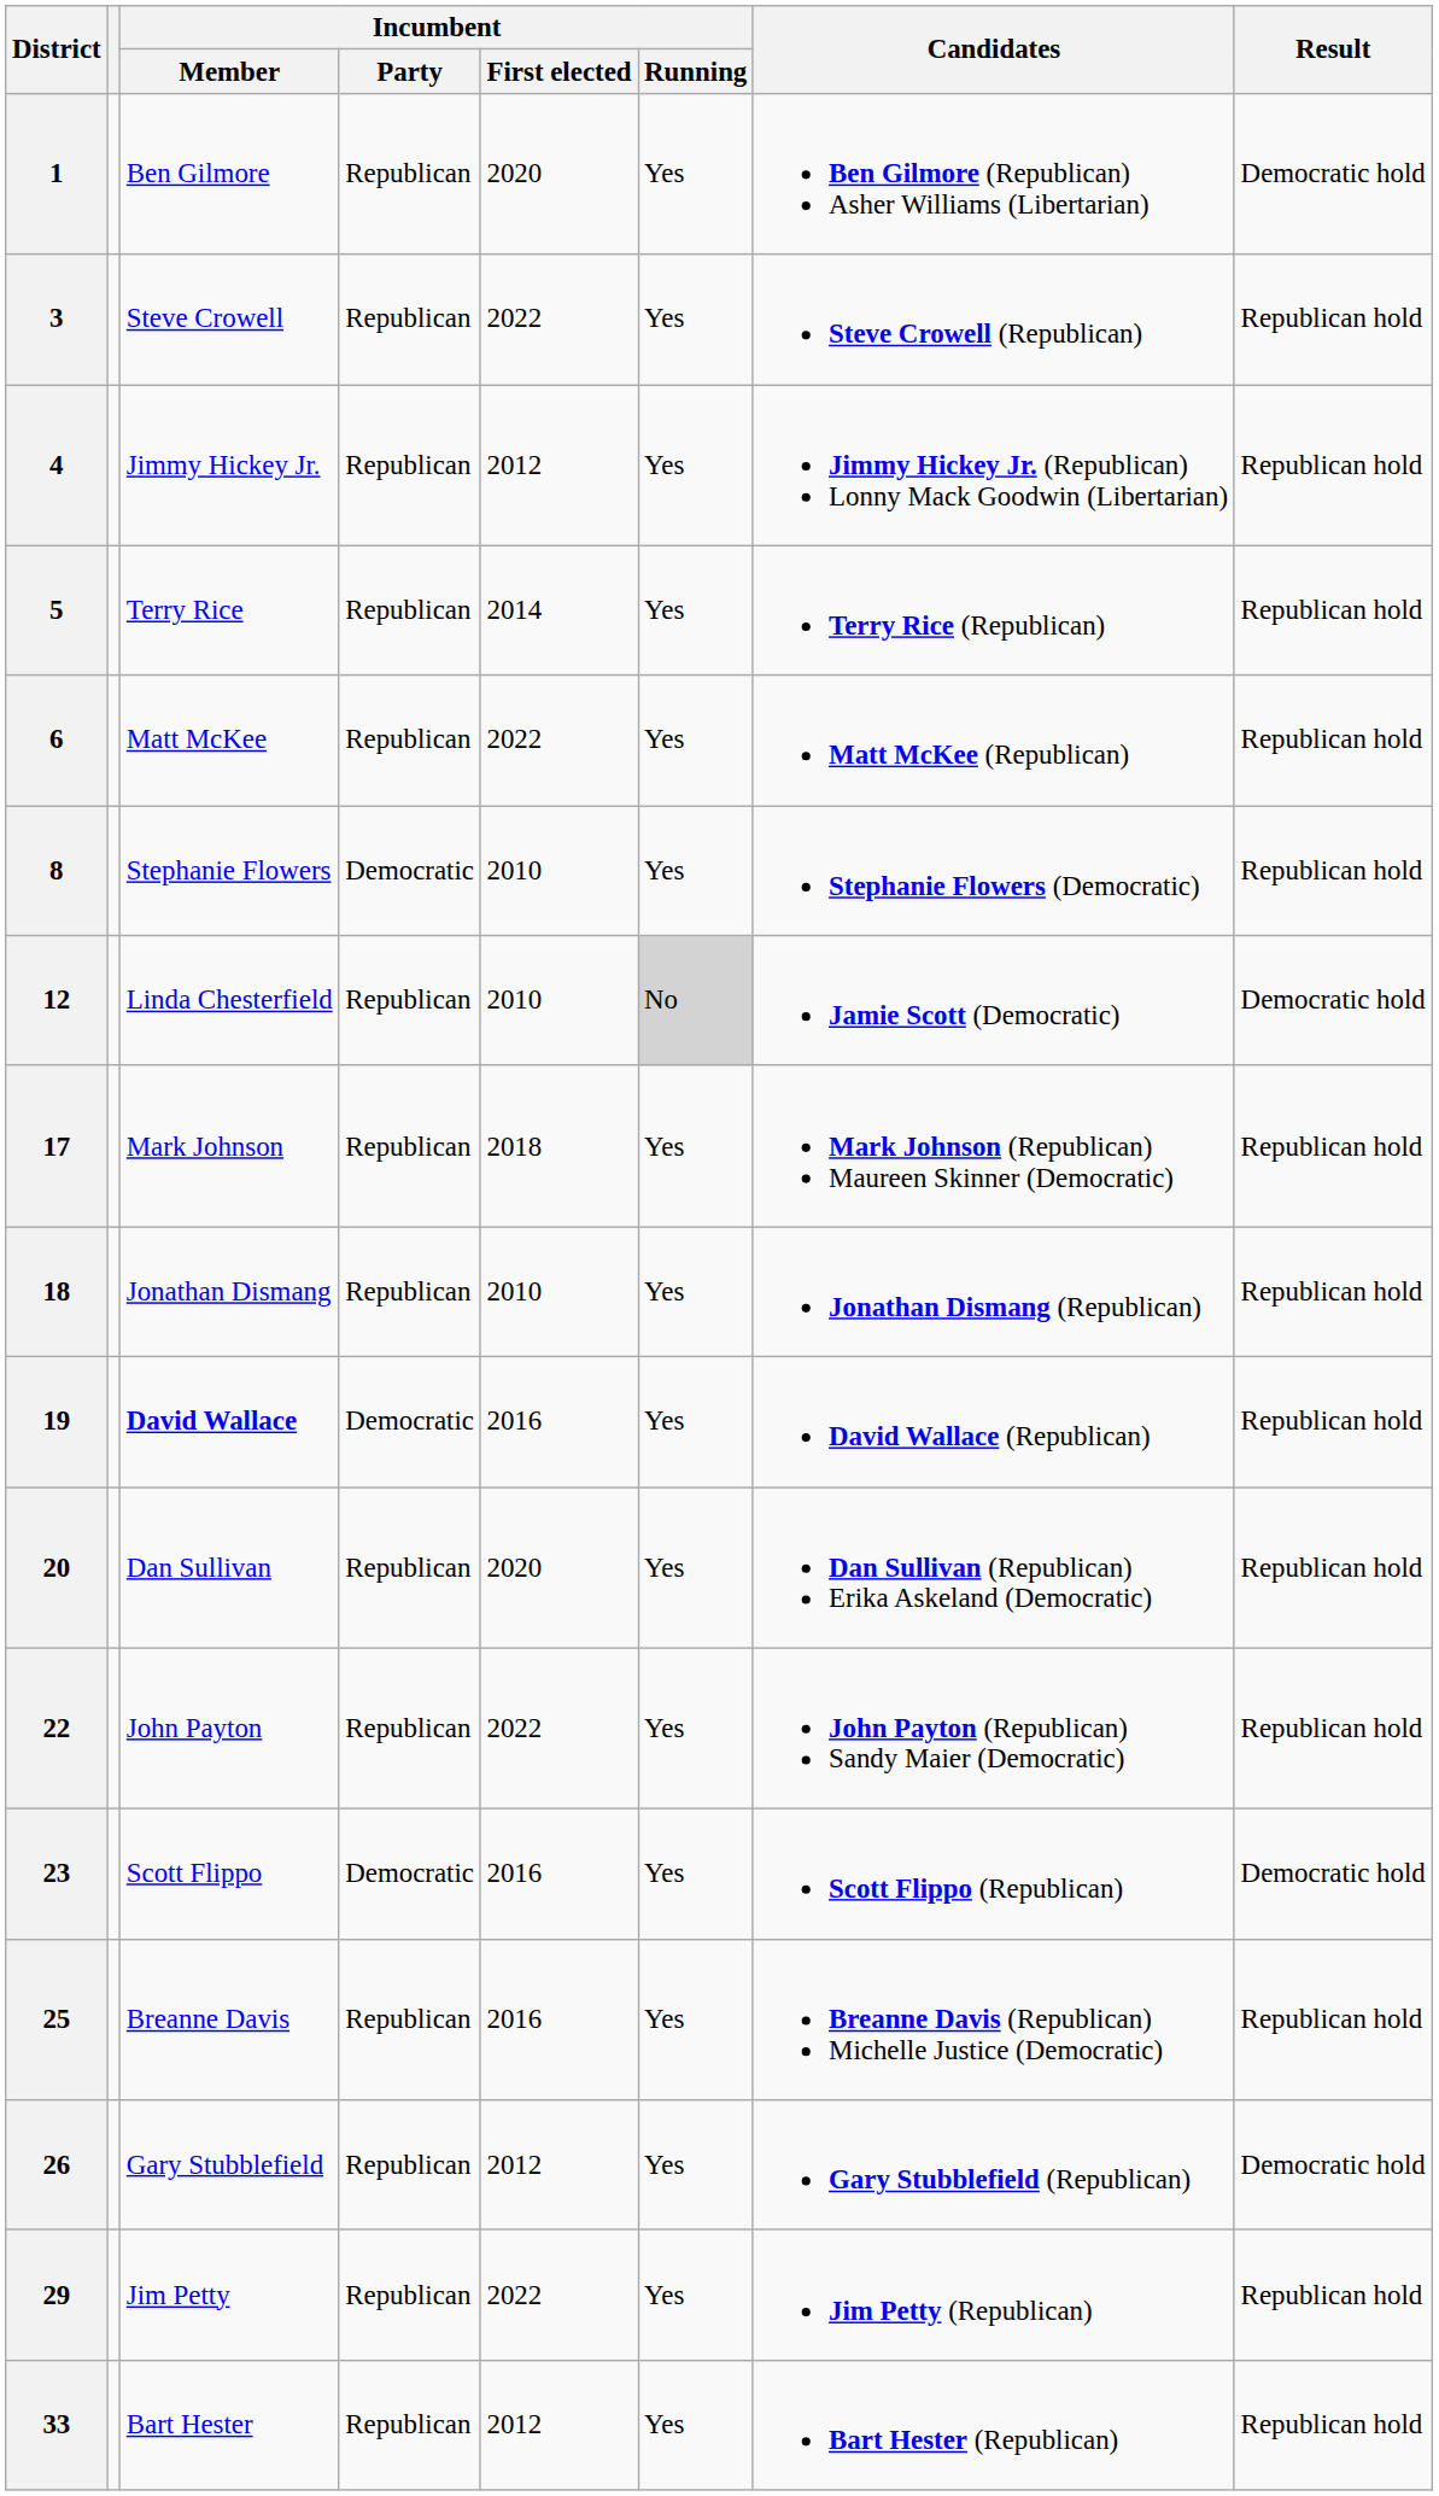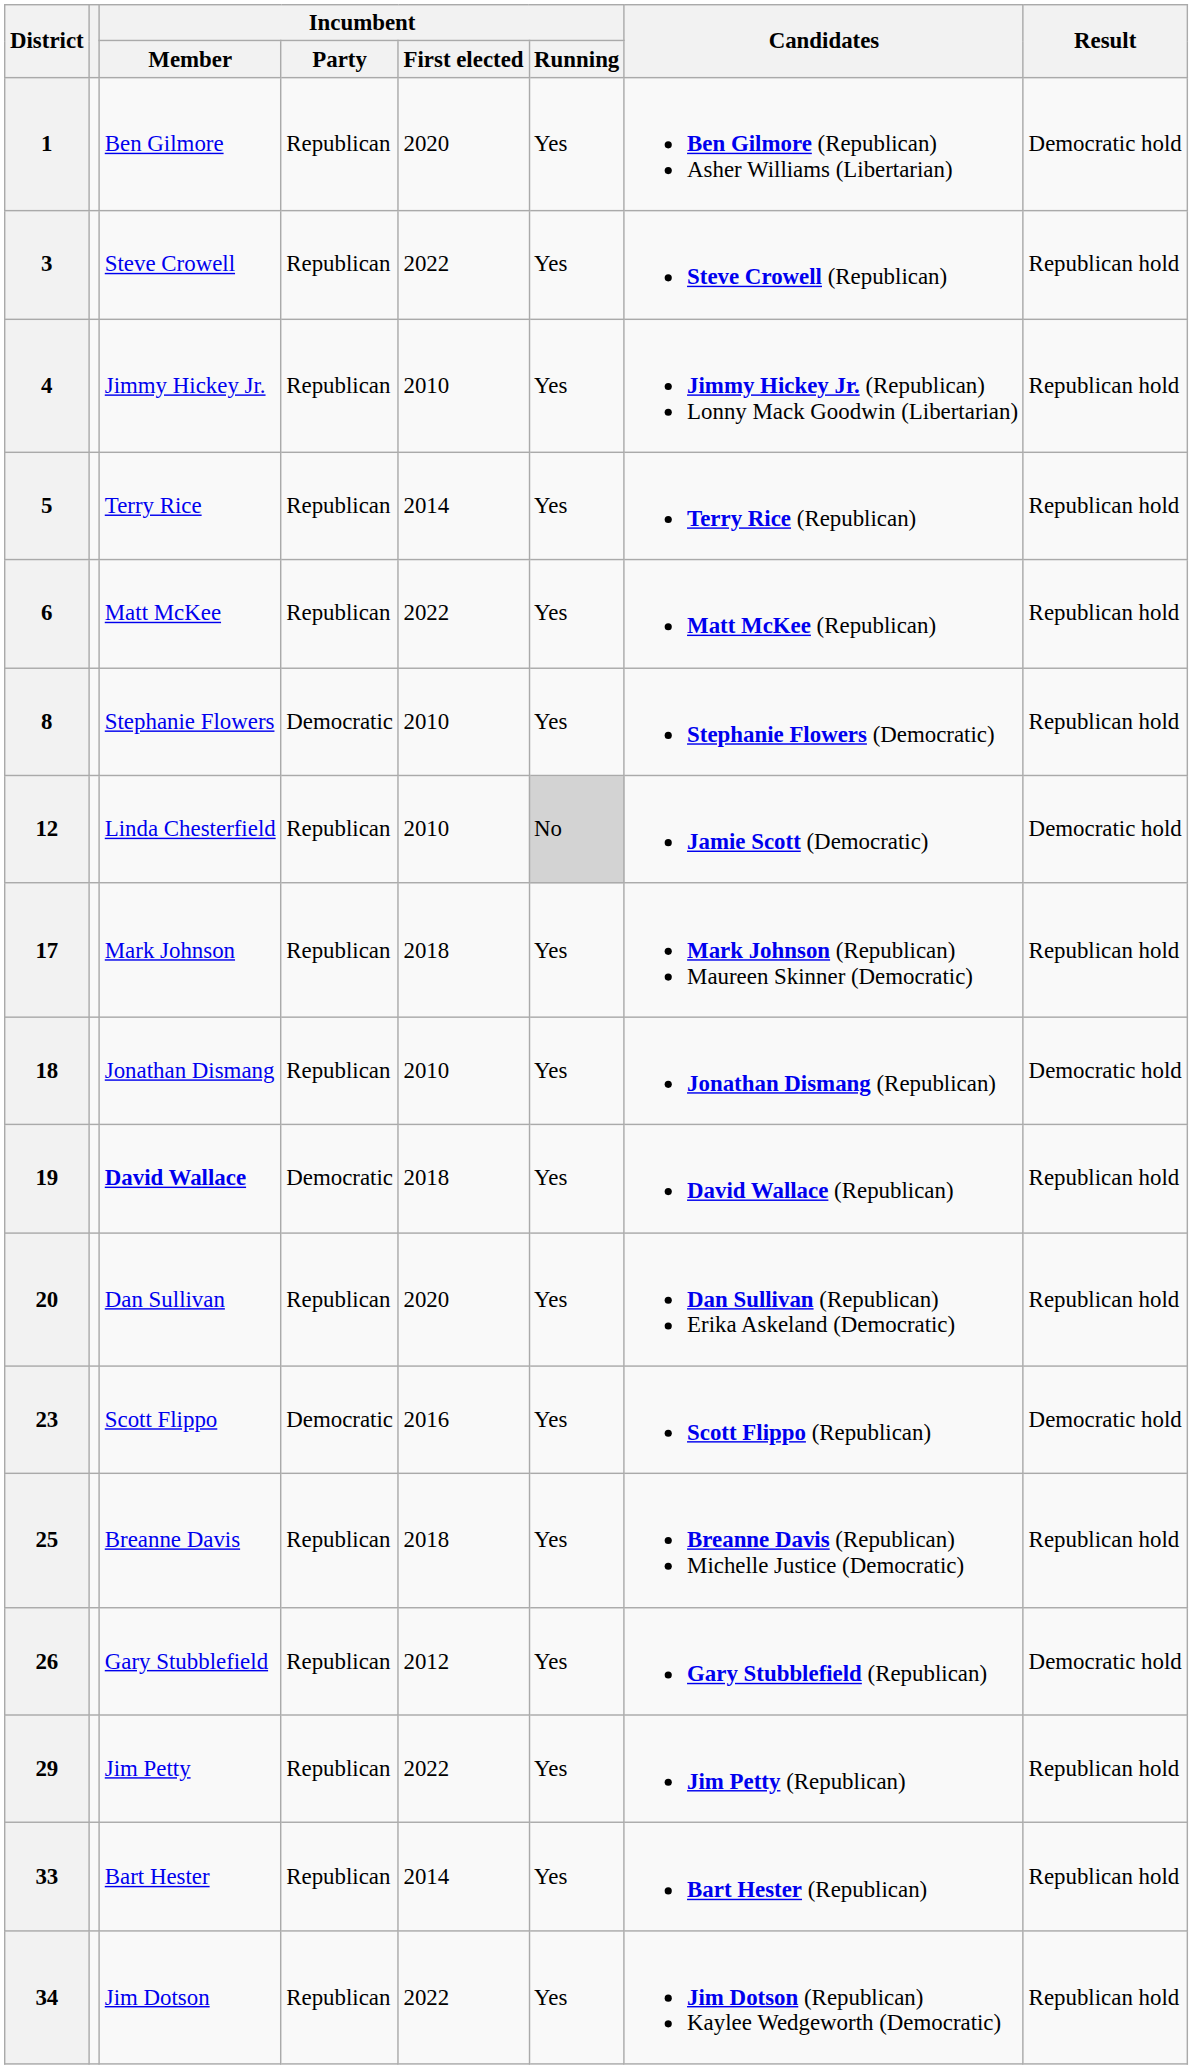 <table class="wikitable sortable">
 <tr>
 <th rowspan=2>District</th>
 <th rowspan=2></th>
 <th ! colspan=4>Incumbent</th>
 <th rowspan=2 class="unsortable">Candidates</th>
 <th ! rowspan=2>Result</th>
 </tr>
 <tr>
 <th>Member</th>
 <th>Party</th>
 <th>First elected</th>
 <th>Running</th>
 </tr>
 <tr>
 <th>1</th>
 <td></td>
 <td><a href='#'>Ben Gilmore</a></td>
 <td>Republican</td>
 <td>2020</td>
 <td>Yes</td>
 <td nowrap><br><ul><li><strong><a href='#'>Ben Gilmore</a></strong> (Republican)</li><li>Asher Williams (Libertarian)</li></ul></td>
 <td>Democratic hold</td>
 </tr>
 <tr>
 <th>3</th>
 <td></td>
 <td><a href='#'>Steve Crowell</a></td>
 <td>Republican</td>
 <td>2022</td>
 <td>Yes</td>
 <td nowrap><br><ul><li><strong><a href='#'>Steve Crowell</a></strong> (Republican)</li></ul> </td>
 <td>Republican hold</td>
 </tr>
 <tr>
 <th>4</th>
 <td></td>
 <td><a href='#'>Jimmy Hickey Jr.</a></td>
 <td>Republican</td>
-<td>2012</td>
+<td>2010</td>
 <td>Yes</td>
 <td nowrap><br><ul><li><strong><a href='#'>Jimmy Hickey Jr.</a></strong> (Republican)</li><li>Lonny Mack Goodwin (Libertarian)</li></ul></td>
 <td>Republican hold</td>
 </tr>
 <tr>
 <th>5</th>
 <td></td>
 <td><a href='#'>Terry Rice</a></td>
 <td>Republican</td>
 <td>2014</td>
 <td>Yes</td>
 <td nowrap><br><ul><li><strong><a href='#'>Terry Rice</a></strong> (Republican)</li></ul></td>
 <td>Republican hold</td>
 </tr>
 <tr>
 <th>6</th>
 <td></td>
 <td><a href='#'>Matt McKee</a></td>
 <td>Republican</td>
 <td>2022</td>
 <td>Yes</td>
 <td nowrap><br><ul><li><strong><a href='#'>Matt McKee</a></strong> (Republican)</li></ul></td>
 <td>Republican hold</td>
 </tr>
 <tr>
 <th>8</th>
 <td></td>
 <td><a href='#'>Stephanie Flowers</a></td>
 <td>Democratic</td>
 <td>2010</td>
 <td>Yes</td>
 <td nowrap><br><ul><li><strong><a href='#'>Stephanie Flowers</a></strong> (Democratic)</li></ul></td>
 <td>Republican hold</td>
 </tr>
 <tr>
 <th>12</th>
 <td></td>
 <td><a href='#'>Linda Chesterfield</a></td>
 <td>Republican</td>
 <td>2010</td>
 <td style="background-color:lightgray">No</td>
 <td nowrap><br><ul><li><strong><a href='#'>Jamie Scott</a></strong> (Democratic)</li></ul></td>
 <td>Democratic hold</td>
 </tr>
 <tr>
 <th>17</th>
 <td></td>
 <td><a href='#'>Mark Johnson</a></td>
 <td>Republican</td>
 <td>2018</td>
 <td>Yes</td>
 <td nowrap><br><ul><li><strong><a href='#'>Mark Johnson</a></strong> (Republican)</li><li>Maureen Skinner (Democratic)</li></ul></td>
 <td>Republican hold</td>
 </tr>
 <tr>
 <th>18</th>
 <td></td>
 <td><a href='#'>Jonathan Dismang</a></td>
 <td>Republican</td>
 <td>2010</td>
 <td>Yes</td>
 <td nowrap><br><ul><li><strong><a href='#'>Jonathan Dismang</a></strong> (Republican)</li></ul></td>
-<td>Republican hold</td>
+<td>Democratic hold</td>
 </tr>
 <tr>
 <th>19</th>
 <td></td>
 <td><strong><a href='#'>David Wallace</a></strong></td>
 <td>Democratic</td>
-<td>2016</td>
+<td>2018</td>
 <td>Yes</td>
 <td nowrap><br><ul><li><strong><a href='#'>David Wallace</a></strong> (Republican)</li></ul> </td>
 <td>Republican hold</td>
 </tr>
 <tr>
 <th>20</th>
 <td></td>
 <td><a href='#'>Dan Sullivan</a></td>
 <td>Republican</td>
 <td>2020</td>
 <td>Yes</td>
 <td nowrap><br><ul><li><strong><a href='#'>Dan Sullivan</a></strong> (Republican)</li><li>Erika Askeland (Democratic)</li></ul></td>
-<td>Republican hold</td>
-</tr>
-<tr>
-<th>22</th>
-<td></td>
-<td><a href='#'>John Payton</a></td>
-<td>Republican</td>
-<td>2022</td>
-<td>Yes</td>
-<td nowrap><br><ul><li><strong><a href='#'>John Payton</a></strong> (Republican)</li><li>Sandy Maier (Democratic)</li></ul></td>
 <td>Republican hold</td>
 </tr>
 <tr>
 <th>23</th>
 <td></td>
 <td><a href='#'>Scott Flippo</a></td>
 <td>Democratic</td>
 <td>2016</td>
 <td>Yes</td>
 <td nowrap><br><ul><li><strong><a href='#'>Scott Flippo</a></strong> (Republican)</li></ul></td>
 <td>Democratic hold</td>
 </tr>
 <tr>
 <th>25</th>
 <td></td>
 <td><a href='#'>Breanne Davis</a></td>
 <td>Republican</td>
-<td>2016 </td>
+<td>2018 </td>
 <td>Yes</td>
 <td nowrap><br><ul><li><strong><a href='#'>Breanne Davis</a></strong> (Republican)</li><li>Michelle Justice (Democratic)</li></ul></td>
 <td>Republican hold</td>
 </tr>
 <tr>
 <th>26</th>
 <td></td>
 <td><a href='#'>Gary Stubblefield</a></td>
 <td>Republican</td>
 <td>2012</td>
 <td>Yes</td>
 <td nowrap><br><ul><li><strong><a href='#'>Gary Stubblefield</a></strong> (Republican)</li></ul></td>
 <td>Democratic hold</td>
 </tr>
 <tr>
 <th>29</th>
 <td></td>
 <td><a href='#'>Jim Petty</a></td>
 <td>Republican</td>
 <td>2022</td>
 <td>Yes</td>
 <td nowrap><br><ul><li><strong><a href='#'>Jim Petty</a></strong> (Republican)</li></ul></td>
 <td>Republican hold</td>
 </tr>
 <tr>
 <th>33</th>
 <td></td>
 <td><a href='#'>Bart Hester</a></td>
 <td>Republican</td>
-<td>2012</td>
+<td>2014</td>
 <td>Yes</td>
 <td nowrap><br><ul><li><strong><a href='#'>Bart Hester</a></strong> (Republican)</li></ul></td>
 <td>Republican hold</td>
 </tr>
+<tr>
+<th>34</th>
+<td></td>
+<td><a href='#'>Jim Dotson</a></td>
+<td>Republican</td>
+<td>2022</td>
+<td>Yes</td>
+<td nowrap><br><ul><li><strong><a href='#'>Jim Dotson</a></strong> (Republican)</li><li>Kaylee Wedgeworth (Democratic)</li></ul></td>
+<td>Republican hold</td>
+</tr>
 </table>
